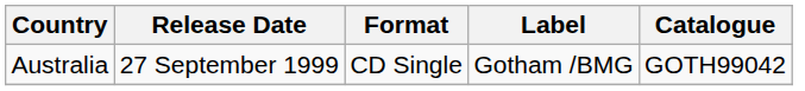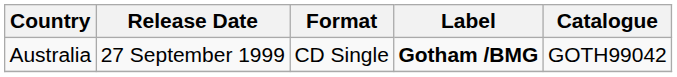 <table class="wikitable" border="1">
 <tr>
 <th>Country</th>
 <th>Release Date</th>
 <th>Format</th>
 <th>Label</th>
 <th>Catalogue</th>
 </tr>
 <tr>
 <td>Australia</td>
 <td>27 September 1999</td>
 <td>CD Single</td>
-<td>Gotham /BMG</td>
+<td><strong>Gotham /BMG</strong></td>
 <td>GOTH99042</td>
 </tr>
 <tr>
 </tr>
 </table>
